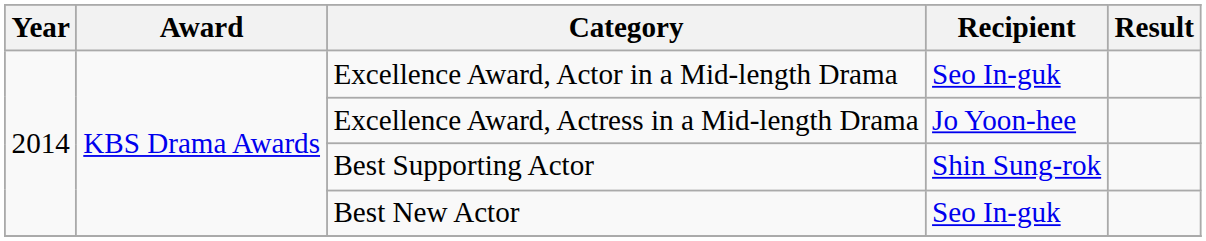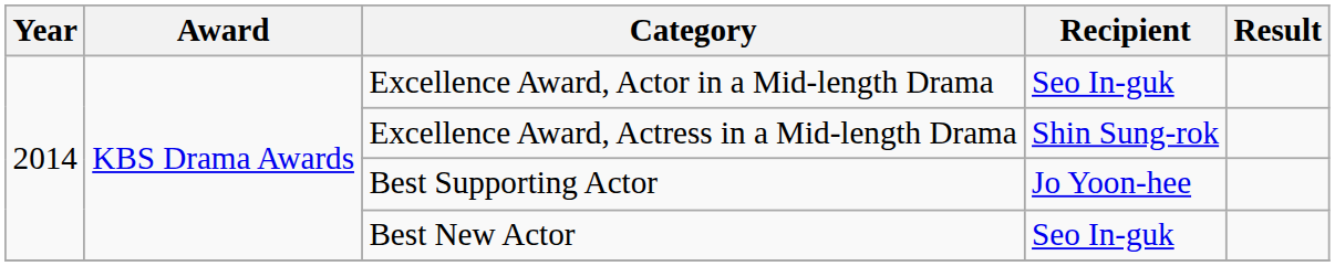 <table class="wikitable">
 <tr>
 <th>Year</th>
 <th>Award</th>
 <th>Category</th>
 <th>Recipient</th>
 <th>Result</th>
 </tr>
 <tr>
 <td rowspan=4>2014</td>
 <td rowspan=4><a href='#'>KBS Drama Awards</a></td>
 <td>Excellence Award, Actor in a Mid-length Drama</td>
 <td><a href='#'>Seo In-guk</a></td>
 <td></td>
 </tr>
 <tr>
 <td>Excellence Award, Actress in a Mid-length Drama</td>
-<td><a href='#'>Jo Yoon-hee</a></td>
+<td><a href='#'>Shin Sung-rok</a></td>
 <td></td>
 </tr>
 <tr>
 <td>Best Supporting Actor</td>
-<td><a href='#'>Shin Sung-rok</a></td>
+<td><a href='#'>Jo Yoon-hee</a></td>
 <td></td>
 </tr>
 <tr>
 <td>Best New Actor</td>
 <td><a href='#'>Seo In-guk</a></td>
 <td></td>
 </tr>
 <tr>
 </tr>
 </table>
